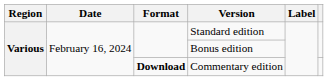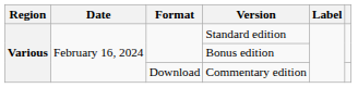 <table class="wikitable plainrowheaders">
 <tr>
 <th scope="col">Region</th>
 <th scope="col">Date</th>
 <th scope="col">Format</th>
 <th scope="col">Version</th>
 <th scope="col">Label</th>
 <th scope="col"></th>
 </tr>
 <tr>
 <th scope=row rowspan="3">Various</th>
 <td rowspan="3">February 16, 2024</td>
 <td rowspan="2"></td>
 <td>Standard edition</td>
 <td rowspan="3"></td>
 <td style="text-align:center;" rowspan="2"></td>
 </tr>
 <tr>
 <td>Bonus edition</td>
 </tr>
 <tr>
-<td><strong>Download</strong></td>
+<td>Download</td>
 <td>Commentary edition</td>
 <td style="text-align:center;"></td>
 </tr>
 </table>
